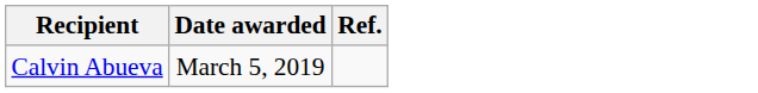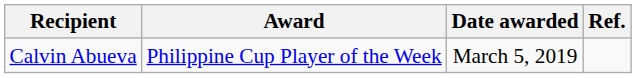 <table class="wikitable sortable sortable" style="text-align: center">
 <tr>
 <th>Recipient</th>
+<th>Award</th>
 <th>Date awarded</th>
 <th>Ref.</th>
 </tr>
 <tr>
 <td><a href='#'>Calvin Abueva</a></td>
+<td><a href='#'>Philippine Cup Player of the Week</a></td>
 <td>March 5, 2019</td>
 <td></td>
 </tr>
 </table>
